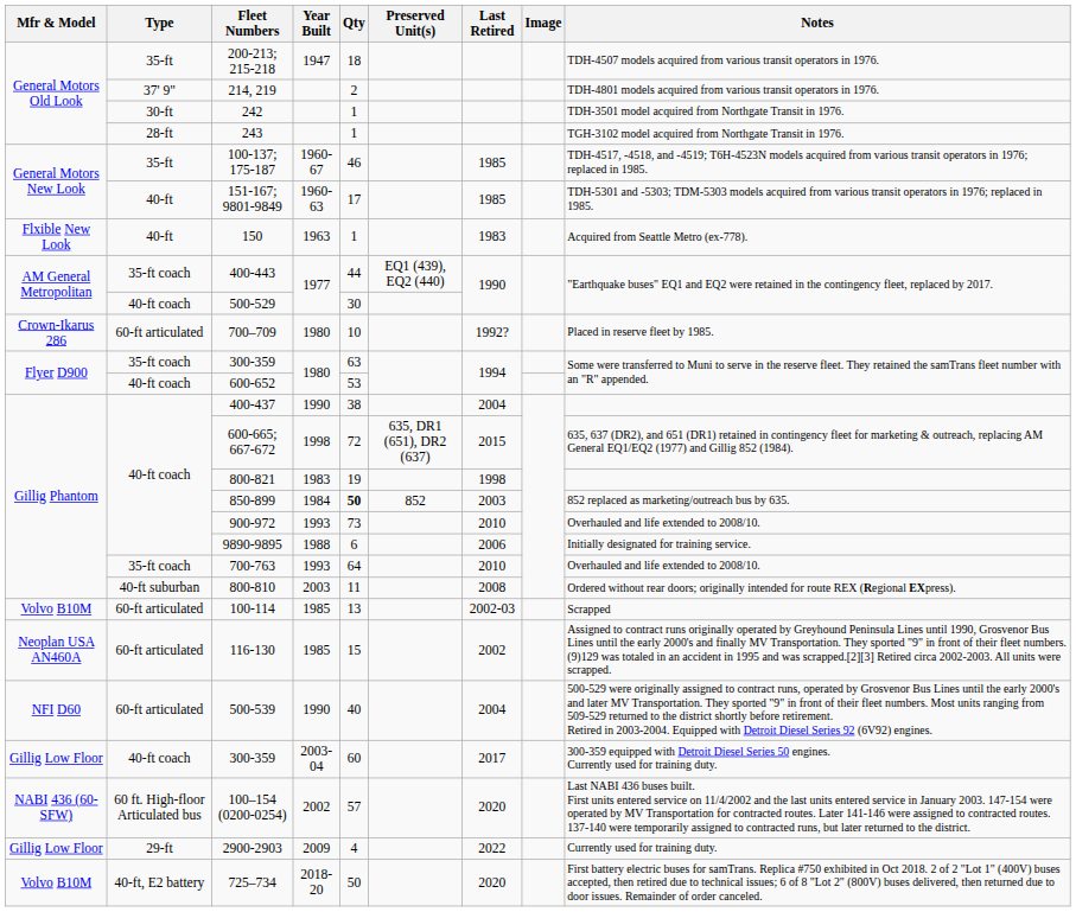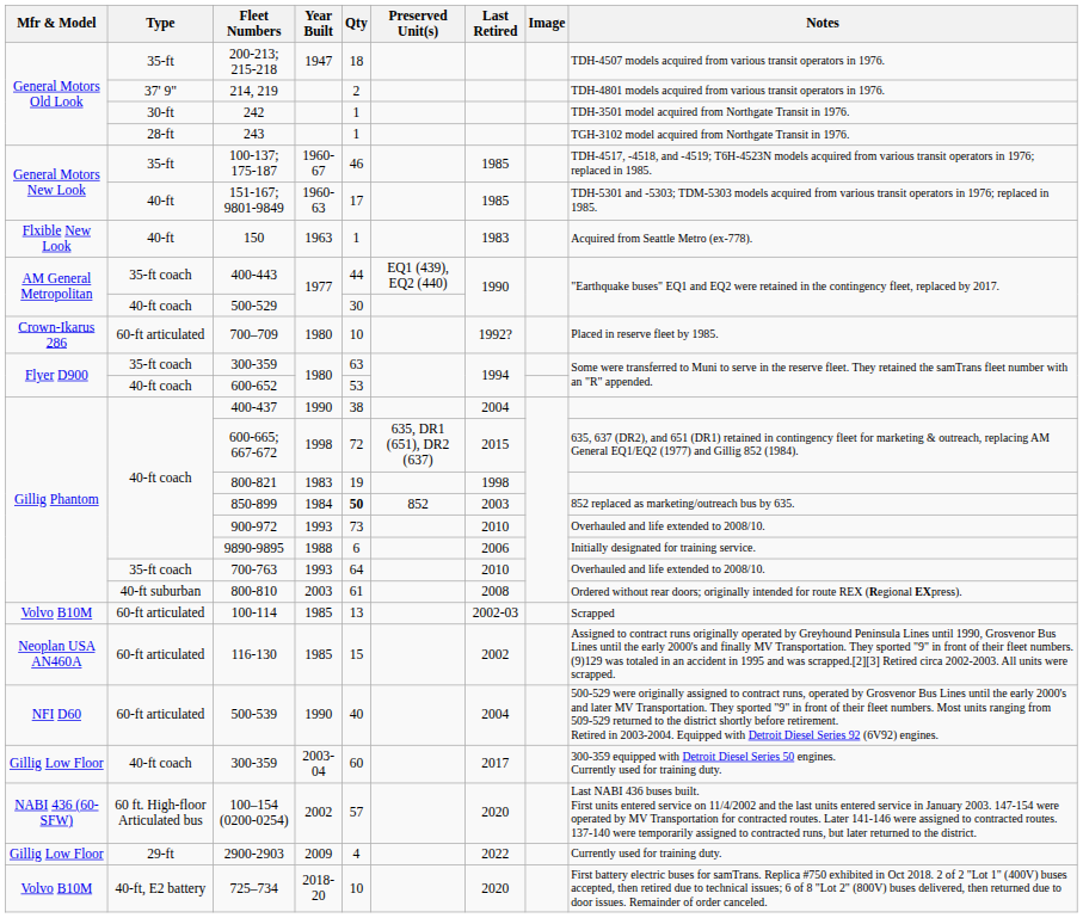 <table class="wikitable sortable" style="text-align:center">
 <tr>
 <th>Mfr & Model</th>
 <th>Type</th>
 <th data-sort-type="number">Fleet Numbers</th>
 <th data-sort-type="number">Year Built</th>
 <th data-sort-type="number">Qty</th>
 <th>Preserved Unit(s)</th>
 <th data-sort-type="number">Last Retired</th>
 <th class="unsortable">Image</th>
 <th class="unsortable">Notes</th>
 </tr>
 <tr>
 <td rowspan=4><a href='#'>General Motors</a> <a href='#'>Old Look</a></td>
 <td>35-ft</td>
 <td>200-213; 215-218</td>
 <td>1947</td>
 <td>18</td>
 <td></td>
 <td></td>
 <td></td>
 <td style="text-align:left;font-size:85%;">TDH-4507 models acquired from various transit operators in 1976.</td>
 </tr>
 <tr>
 <td>37' 9"</td>
 <td>214, 219</td>
 <td></td>
 <td>2</td>
 <td></td>
 <td></td>
 <td></td>
 <td style="text-align:left;font-size:85%;">TDH-4801 models acquired from various transit operators in 1976.</td>
 </tr>
 <tr>
 <td>30-ft</td>
 <td>242</td>
 <td></td>
 <td>1</td>
 <td></td>
 <td></td>
 <td></td>
 <td style="text-align:left;font-size:85%;">TDH-3501 model acquired from Northgate Transit in 1976.</td>
 </tr>
 <tr>
 <td>28-ft</td>
 <td>243</td>
 <td></td>
 <td>1</td>
 <td></td>
 <td></td>
 <td></td>
 <td style="text-align:left;font-size:85%;">TGH-3102 model acquired from Northgate Transit in 1976.</td>
 </tr>
 <tr>
 <td rowspan=2><a href='#'>General Motors</a> <a href='#'>New Look</a></td>
 <td>35-ft</td>
 <td>100-137; 175-187</td>
 <td>1960-67</td>
 <td>46</td>
 <td></td>
 <td>1985</td>
 <td></td>
 <td style="text-align:left;font-size:85%;">TDH-4517, -4518, and -4519; T6H-4523N models acquired from various transit operators in 1976; replaced in 1985.</td>
 </tr>
 <tr>
 <td>40-ft</td>
 <td>151-167; 9801-9849</td>
 <td>1960-63</td>
 <td>17</td>
 <td></td>
 <td>1985</td>
 <td></td>
 <td style="text-align:left;font-size:85%;">TDH-5301 and -5303; TDM-5303 models acquired from various transit operators in 1976; replaced in 1985.</td>
 </tr>
 <tr>
 <td><a href='#'>Flxible</a> <a href='#'>New Look</a></td>
 <td>40-ft</td>
 <td>150</td>
 <td>1963</td>
 <td>1</td>
 <td></td>
 <td>1983</td>
 <td></td>
 <td style="text-align:left;font-size:85%;">Acquired from Seattle Metro (ex-778).</td>
 </tr>
 <tr>
 <td rowspan=2><a href='#'>AM General</a> <a href='#'>Metropolitan</a></td>
 <td>35-ft coach</td>
 <td>400-443</td>
 <td rowspan=2>1977</td>
 <td>44</td>
 <td>EQ1 (439), EQ2 (440)</td>
 <td rowspan=2>1990</td>
 <td rowspan=2></td>
 <td rowspan=2 style="text-align:left;font-size:85%;">"Earthquake buses" EQ1 and EQ2 were retained in the contingency fleet, replaced by 2017.</td>
 </tr>
 <tr>
 <td>40-ft coach</td>
 <td>500-529</td>
 <td>30</td>
 <td></td>
 </tr>
 <tr>
 <td><a href='#'>Crown-Ikarus</a> <a href='#'>286</a></td>
 <td>60-ft articulated</td>
 <td>700–709</td>
 <td>1980</td>
 <td>10</td>
 <td></td>
 <td>1992?</td>
 <td></td>
 <td style="text-align:left;font-size:85%;">Placed in reserve fleet by 1985.</td>
 </tr>
 <tr>
 <td rowspan=2><a href='#'>Flyer</a> <a href='#'>D900</a></td>
 <td>35-ft coach</td>
 <td>300-359</td>
 <td rowspan=2>1980</td>
 <td>63</td>
 <td rowspan=2></td>
 <td rowspan=2>1994</td>
 <td></td>
 <td rowspan=2 style="text-align:left;font-size:85%;">Some were transferred to Muni to serve in the reserve fleet. They retained the samTrans fleet number with an "R" appended.</td>
 </tr>
 <tr>
 <td>40-ft coach</td>
 <td>600-652</td>
 <td>53</td>
 <td></td>
 </tr>
 <tr>
 <td rowspan=8><a href='#'>Gillig</a> <a href='#'>Phantom</a></td>
 <td rowspan=6>40-ft coach</td>
 <td>400-437</td>
 <td>1990</td>
 <td>38</td>
 <td></td>
 <td>2004</td>
 <td rowspan=8></td>
 <td></td>
 </tr>
 <tr>
 <td>600-665; 667-672</td>
 <td>1998</td>
 <td>72</td>
 <td>635, DR1 (651), DR2 (637)</td>
 <td>2015</td>
 <td style="text-align:left;font-size:85%;">635, 637 (DR2), and 651 (DR1) retained in contingency fleet for marketing & outreach, replacing AM General EQ1/EQ2 (1977) and Gillig 852 (1984).</td>
 </tr>
 <tr>
 <td>800-821</td>
 <td>1983</td>
 <td>19</td>
 <td></td>
 <td>1998</td>
 <td></td>
 </tr>
 <tr>
 <td>850-899</td>
 <td>1984</td>
 <td><strong>50</strong></td>
 <td>852</td>
 <td>2003</td>
 <td style="text-align:left;font-size:85%;">852 replaced as marketing/outreach bus by 635.</td>
 </tr>
 <tr>
 <td>900-972</td>
 <td>1993</td>
 <td>73</td>
 <td></td>
 <td>2010</td>
 <td style="text-align:left;font-size:85%;">Overhauled and life extended to 2008/10.</td>
 </tr>
 <tr>
 <td>9890-9895</td>
 <td>1988</td>
 <td>6</td>
 <td></td>
 <td>2006</td>
 <td style="text-align:left;font-size:85%;">Initially designated for training service.</td>
 </tr>
 <tr>
 <td>35-ft coach</td>
 <td>700-763</td>
 <td>1993</td>
 <td>64</td>
 <td></td>
 <td>2010</td>
 <td style="text-align:left;font-size:85%;">Overhauled and life extended to 2008/10.</td>
 </tr>
 <tr>
 <td>40-ft suburban</td>
 <td>800-810</td>
 <td>2003</td>
-<td>11</td>
+<td>61</td>
 <td></td>
 <td>2008</td>
 <td style="text-align:left;font-size:85%;">Ordered without rear doors; originally intended for route REX (<strong>R</strong>egional <strong>EX</strong>press).</td>
 </tr>
 <tr>
 <td><a href='#'>Volvo</a> <a href='#'>B10M</a></td>
 <td>60-ft articulated</td>
 <td>100-114</td>
 <td>1985</td>
 <td>13</td>
 <td></td>
 <td>2002-03</td>
 <td></td>
 <td style="text-align:left;font-size:85%;">Scrapped</td>
 </tr>
 <tr>
 <td><a href='#'>Neoplan USA</a> <a href='#'>AN460A</a></td>
 <td>60-ft articulated</td>
 <td>116-130</td>
 <td>1985</td>
 <td>15</td>
 <td></td>
 <td>2002</td>
 <td></td>
 <td style="text-align:left;font-size:85%;">Assigned to contract runs originally operated by Greyhound Peninsula Lines until 1990, Grosvenor Bus Lines until the early 2000's and finally MV Transportation. They sported "9" in front of their fleet numbers.<br>(9)129 was totaled in an accident in 1995 and was scrapped.[2][3] Retired circa 2002-2003. All units were scrapped.</td>
 </tr>
 <tr>
 <td><a href='#'>NFI</a> <a href='#'>D60</a></td>
 <td>60-ft articulated</td>
 <td>500-539</td>
 <td>1990</td>
 <td>40</td>
 <td></td>
 <td>2004</td>
 <td></td>
 <td style="text-align:left;font-size:85%;">500-529 were originally assigned to contract runs, operated by Grosvenor Bus Lines until the early 2000's and later MV Transportation. They sported "9" in front of their fleet numbers. Most units ranging from 509-529 returned to the district shortly before retirement.<br>Retired in 2003-2004. Equipped with <a href='#'>Detroit Diesel Series 92</a> (6V92) engines.</td>
 </tr>
 <tr>
 <td><a href='#'>Gillig</a> <a href='#'>Low Floor</a></td>
 <td>40-ft coach</td>
 <td>300-359</td>
 <td>2003-04</td>
 <td>60</td>
 <td></td>
 <td>2017</td>
 <td></td>
 <td style="text-align:left;font-size:85%;">300-359 equipped with <a href='#'>Detroit Diesel Series 50</a> engines.<br>Currently used for training duty.</td>
 </tr>
 <tr>
 <td><a href='#'>NABI</a> <a href='#'>436 (60-SFW)</a></td>
 <td>60 ft. High-floor Articulated bus</td>
 <td>100–154 (0200-0254)</td>
 <td>2002</td>
 <td>57</td>
 <td></td>
 <td>2020</td>
 <td></td>
 <td style="text-align:left;font-size:85%;">Last NABI 436 buses built.<br>First units entered service on 11/4/2002 and the last units entered service in January 2003. 147-154 were operated by MV Transportation for contracted routes. Later 141-146 were assigned to contracted routes. 137-140 were temporarily assigned to contracted runs, but later returned to the district.</td>
 </tr>
 <tr>
 <td><a href='#'>Gillig</a> <a href='#'>Low Floor</a></td>
 <td>29-ft</td>
 <td>2900-2903</td>
 <td>2009</td>
 <td>4</td>
 <td></td>
 <td>2022</td>
 <td></td>
 <td style="text-align:left;font-size:85%;">Currently used for training duty.</td>
 </tr>
 <tr>
 <td><a href='#'>Volvo</a> <a href='#'>B10M</a></td>
 <td>40-ft, E2 battery</td>
 <td>725–734</td>
 <td>2018-20</td>
-<td>50</td>
+<td>10</td>
 <td></td>
 <td>2020</td>
 <td></td>
 <td style="font-size:85%;text-align:left;">First battery electric buses for samTrans. Replica #750 exhibited in Oct 2018. 2 of 2 "Lot 1" (400V) buses accepted, then retired due to technical issues; 6 of 8 "Lot 2" (800V) buses delivered, then returned due to door issues. Remainder of order canceled.</td>
 </tr>
 </table>
